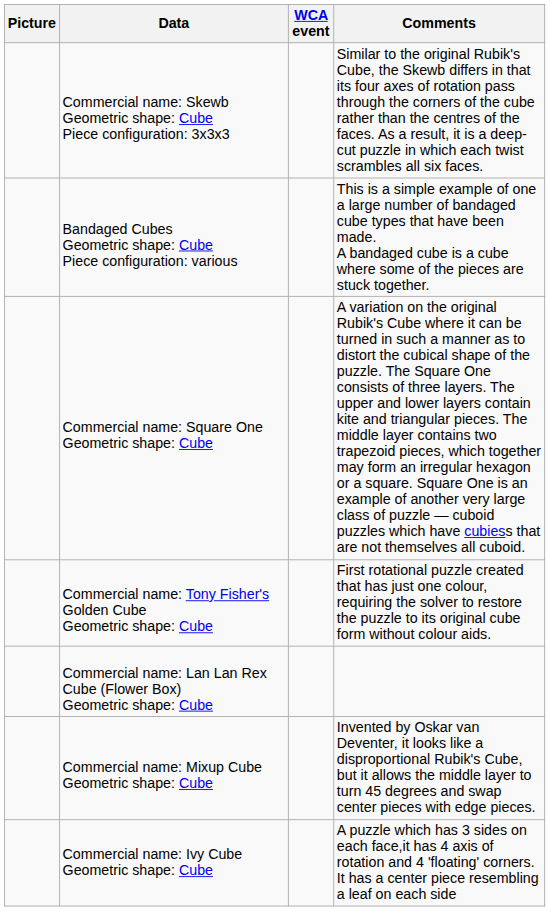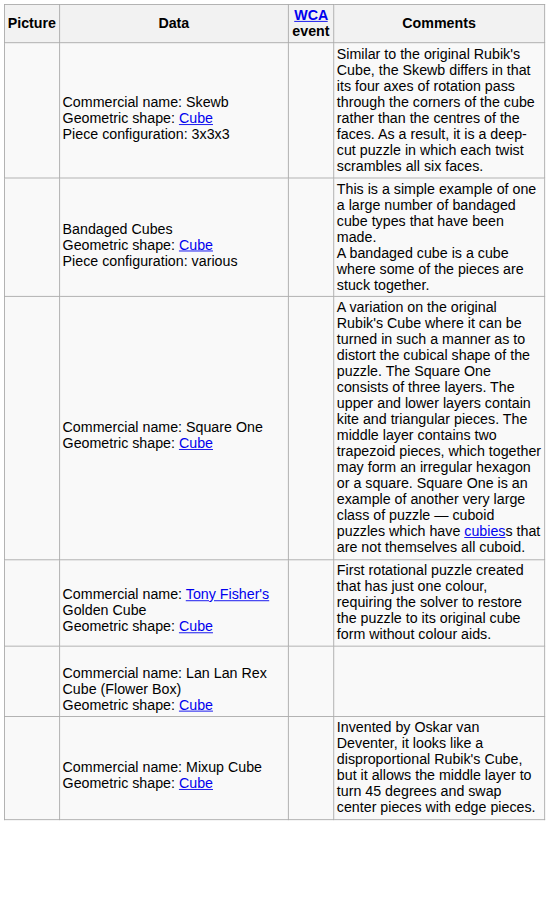 <table class="wikitable">
 <tr>
 <th>Picture</th>
 <th width="250">Data</th>
 <th><a href='#'>WCA</a> event</th>
 <th>Comments</th>
 </tr>
 <tr>
 <td></td>
 <td><br>Commercial name: Skewb<br> Geometric shape: <a href='#'>Cube</a><br> Piece configuration: 3x3x3<br> </td>
 <td></td>
 <td>Similar to the original Rubik's Cube, the Skewb differs in that its four axes of rotation pass through the corners of the cube rather than the centres of the faces. As a result, it is a deep-cut puzzle in which each twist scrambles all six faces.</td>
 </tr>
 <tr>
 <td></td>
 <td><br>Bandaged Cubes<br> Geometric shape: <a href='#'>Cube</a><br> Piece configuration: various<br></td>
 <td></td>
 <td>This is a simple example of one a large number of bandaged cube types that have been made.<br>A bandaged cube is a cube where some of the pieces are stuck together.</td>
 </tr>
 <tr>
 <td></td>
 <td><br>Commercial name: Square One<br> Geometric shape: <a href='#'>Cube</a><br> </td>
 <td></td>
 <td>A variation on the original Rubik's Cube where it can be turned in such a manner as to distort the cubical shape of the puzzle. The Square One consists of three layers. The upper and lower layers contain kite and triangular pieces. The middle layer contains two trapezoid pieces, which together may form an irregular hexagon or a square. Square One is an example of another very large class of puzzle — cuboid puzzles which have <a href='#'>cubies</a>s that are not themselves all cuboid.</td>
 </tr>
 <tr>
 <td></td>
 <td><br>Commercial name: <a href='#'>Tony Fisher's</a> Golden Cube<br> Geometric shape: <a href='#'>Cube</a><br></td>
 <td></td>
 <td>First rotational puzzle created that has just one colour, requiring the solver to restore the puzzle to its original cube form without colour aids.</td>
 </tr>
 <tr>
 <td></td>
 <td><br>Commercial name: Lan Lan Rex Cube (Flower Box)<br> Geometric shape: <a href='#'>Cube</a><br></td>
 <td></td>
 <td></td>
 </tr>
 <tr>
 <td></td>
 <td><br>Commercial name: Mixup Cube<br> Geometric shape: <a href='#'>Cube</a><br></td>
 <td></td>
 <td>Invented by Oskar van Deventer, it looks like a disproportional Rubik's Cube, but it allows the middle layer to turn 45 degrees and swap center pieces with edge pieces.</td>
 </tr>
-<tr>
-<td></td>
-<td>Commercial name: Ivy Cube<br>Geometric shape: <a href='#'>Cube</a></td>
-<td></td>
-<td>A puzzle which has 3 sides on each face,it has 4 axis of rotation and 4 'floating' corners. It has a center piece resembling a leaf on each side</td>
-</tr>
 </table>
